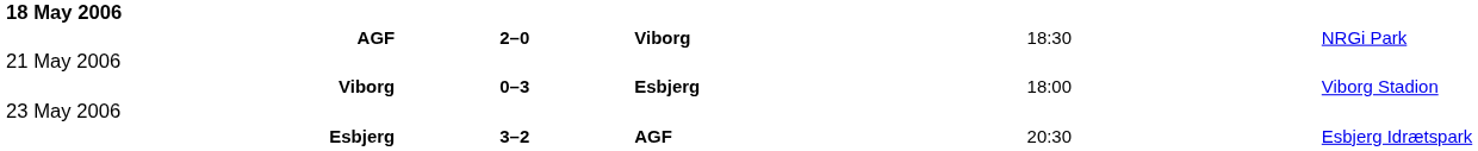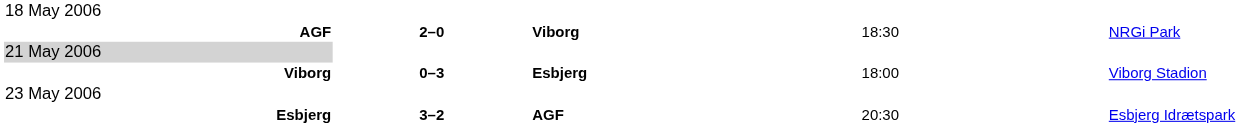 <table cellspacing="1" style="width:100%;">
 <tr>
 <th width=20%></th>
 <th width=12%></th>
 <th width=20%></th>
 <th></th>
 <th width=33%></th>
 </tr>
 <tr>
-<td><strong>18 May 2006</strong></td>
+<td>18 May 2006</td>
 </tr>
 <tr style=font-size:90%>
 <td align=right><strong>AGF</strong></td>
 <td align=center><strong>2–0</strong></td>
 <td><strong>Viborg</strong></td>
 <td>18:30</td>
 <td><a href='#'>NRGi Park</a></td>
 </tr>
 <tr>
-<td>21 May 2006</td>
+<td style="background: lightgrey;">21 May 2006</td>
 </tr>
 <tr style=font-size:90%>
 <td align=right><strong>Viborg</strong></td>
 <td align=center><strong>0–3</strong></td>
 <td><strong>Esbjerg</strong></td>
 <td>18:00</td>
 <td><a href='#'>Viborg Stadion</a></td>
 </tr>
 <tr>
 <td>23 May 2006</td>
 </tr>
 <tr style=font-size:90%>
 <td align=right><strong>Esbjerg</strong></td>
 <td align=center><strong>3–2</strong></td>
 <td><strong>AGF</strong></td>
 <td>20:30</td>
 <td><a href='#'>Esbjerg Idrætspark</a></td>
 </tr>
 </table>
